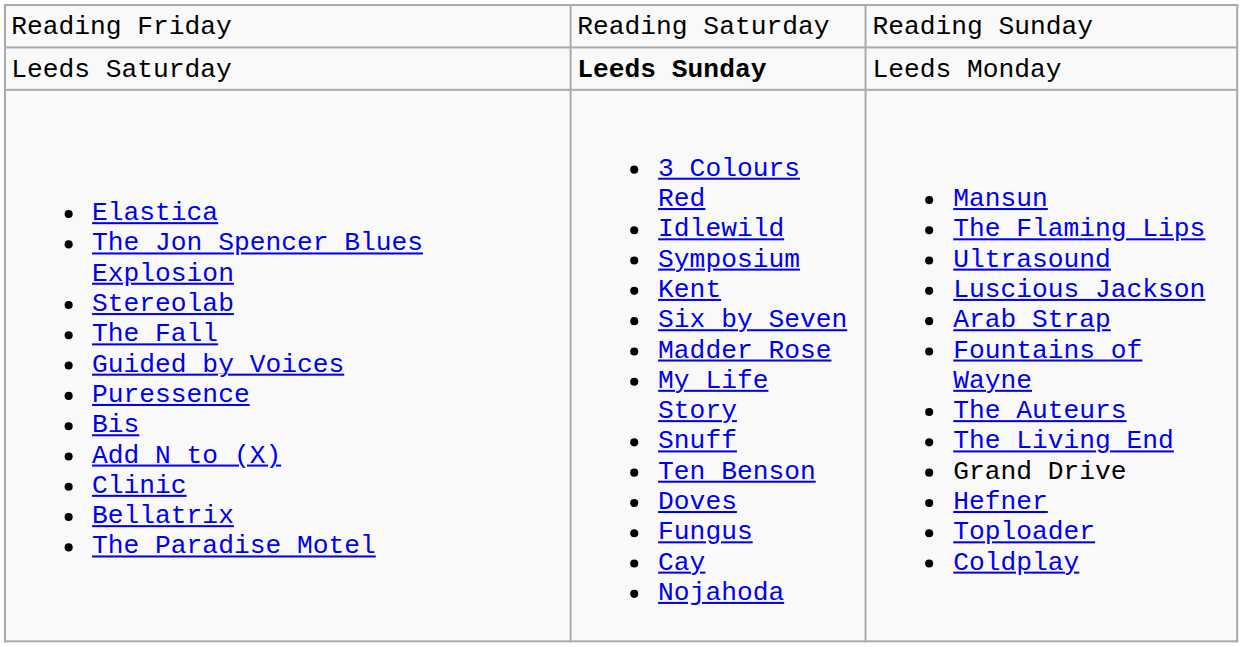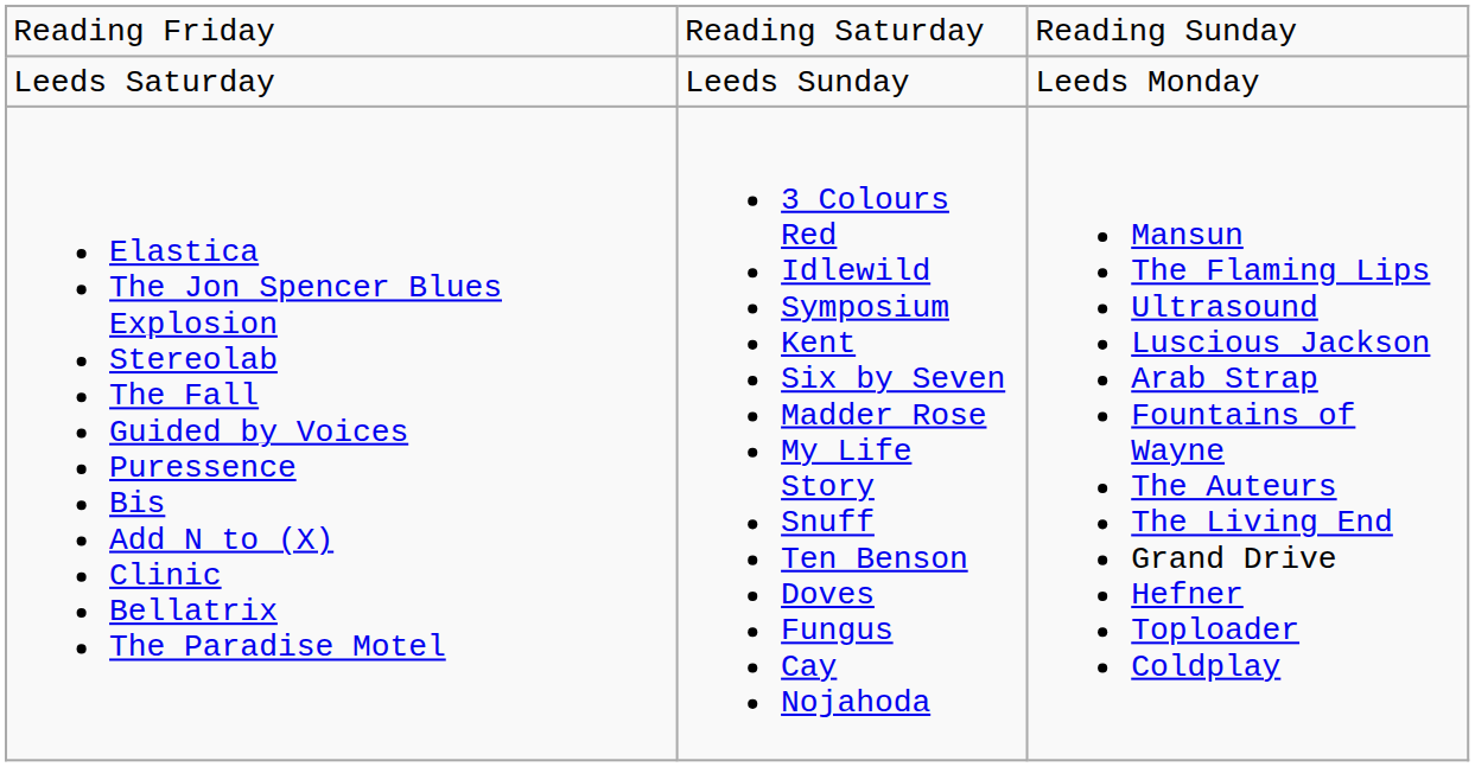 <table class="wikitable">
 <tr>
 <td>Reading Friday</td>
 <td>Reading Saturday</td>
 <td>Reading Sunday</td>
 </tr>
 <tr>
 <td>Leeds Saturday</td>
-<td><strong>Leeds Sunday</strong></td>
+<td>Leeds Sunday</td>
 <td>Leeds Monday</td>
 </tr>
 <tr>
 <td><br><ul><li><a href='#'>Elastica</a></li><li><a href='#'>The Jon Spencer Blues Explosion</a></li><li><a href='#'>Stereolab</a></li><li><a href='#'>The Fall</a></li><li><a href='#'>Guided by Voices</a></li><li><a href='#'>Puressence</a></li><li><a href='#'>Bis</a></li><li><a href='#'>Add N to (X)</a></li><li><a href='#'>Clinic</a></li><li><a href='#'>Bellatrix</a></li><li><a href='#'>The Paradise Motel</a></li></ul></td>
 <td><br><ul><li><a href='#'>3 Colours Red</a></li><li><a href='#'>Idlewild</a></li><li><a href='#'>Symposium</a></li><li><a href='#'>Kent</a></li><li><a href='#'>Six by Seven</a></li><li><a href='#'>Madder Rose</a></li><li><a href='#'>My Life Story</a></li><li><a href='#'>Snuff</a></li><li><a href='#'>Ten Benson</a></li><li><a href='#'>Doves</a></li><li><a href='#'>Fungus</a></li><li><a href='#'>Cay</a></li><li><a href='#'>Nojahoda</a></li></ul></td>
 <td><br><ul><li><a href='#'>Mansun</a></li><li><a href='#'>The Flaming Lips</a></li><li><a href='#'>Ultrasound</a></li><li><a href='#'>Luscious Jackson</a></li><li><a href='#'>Arab Strap</a></li><li><a href='#'>Fountains of Wayne</a></li><li><a href='#'>The Auteurs</a></li><li><a href='#'>The Living End</a></li><li>Grand Drive</li><li><a href='#'>Hefner</a></li><li><a href='#'>Toploader</a></li><li><a href='#'>Coldplay</a></li></ul></td>
 </tr>
 </table>
